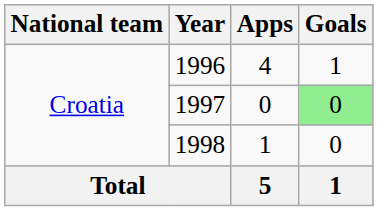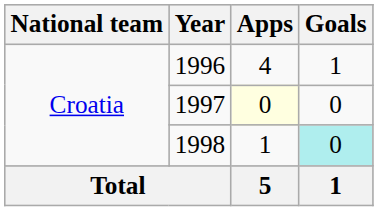 <table class="wikitable" style="text-align:center">
 <tr>
 <th>National team</th>
 <th>Year</th>
 <th>Apps</th>
 <th>Goals</th>
 </tr>
 <tr>
 <td rowspan="3"><a href='#'>Croatia</a></td>
 <td>1996</td>
 <td>4</td>
 <td>1</td>
 </tr>
 <tr>
 <td>1997</td>
+<td style="background: lightyellow;">0</td>
 <td>0</td>
-<td style="background: lightgreen;">0</td>
 </tr>
 <tr>
 <td>1998</td>
 <td>1</td>
-<td>0</td>
+<td style="background: paleturquoise;">0</td>
 </tr>
 <tr>
 <th colspan="2">Total</th>
 <th>5</th>
 <th>1</th>
 </tr>
 </table>
